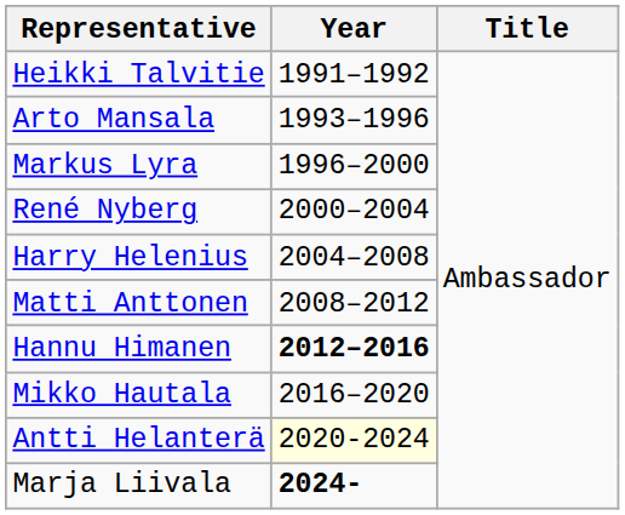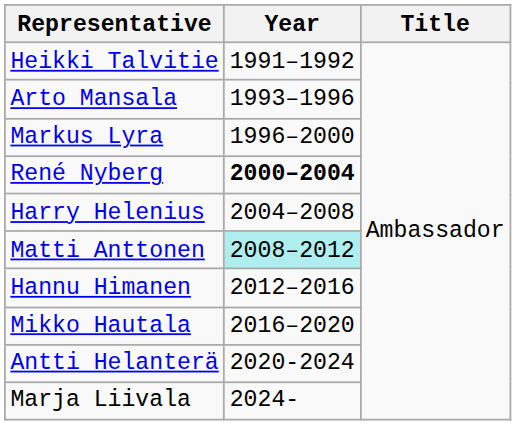 <table class="wikitable sortable">
 <tr>
 <th>Representative</th>
 <th>Year</th>
 <th>Title</th>
 </tr>
 <tr>
 <td><a href='#'>Heikki Talvitie</a></td>
 <td>1991–1992</td>
 <td rowspan="10">Ambassador</td>
 </tr>
 <tr>
 <td><a href='#'>Arto Mansala</a></td>
 <td>1993–1996</td>
 </tr>
 <tr>
 <td><a href='#'>Markus Lyra</a></td>
 <td>1996–2000</td>
 </tr>
 <tr>
 <td><a href='#'>René Nyberg</a></td>
-<td>2000–2004</td>
+<td><strong>2000–2004</strong></td>
 </tr>
 <tr>
 <td><a href='#'>Harry Helenius</a></td>
 <td>2004–2008</td>
 </tr>
 <tr>
 <td><a href='#'>Matti Anttonen</a></td>
-<td>2008–2012</td>
+<td style="background: paleturquoise;">2008–2012</td>
 </tr>
 <tr>
 <td><a href='#'>Hannu Himanen</a></td>
-<td><strong>2012–2016</strong></td>
+<td>2012–2016</td>
 </tr>
 <tr>
 <td><a href='#'>Mikko Hautala</a></td>
 <td>2016–2020</td>
 </tr>
 <tr>
 <td><a href='#'>Antti Helanterä</a></td>
-<td style="background: lightyellow;">2020-2024</td>
+<td>2020-2024</td>
 </tr>
 <tr>
 <td>Marja Liivala</td>
-<td><strong>2024-</strong></td>
+<td>2024-</td>
 </tr>
 </table>
